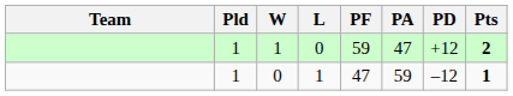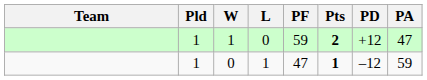 <table class=wikitable style="text-align:center">
 <tr>
 <th width=180>Team</th>
 <th width=30>Pld</th>
 <th width=30>W</th>
 <th width=30>L</th>
 <th width=30>PF</th>
+<th width=30>Pts</th>
+<th width=30>PD</th>
 <th width=30>PA</th>
-<th width=30>PD</th>
-<th width=30>Pts</th>
 </tr>
 <tr bgcolor="#ccffcc">
 <td align="left"></td>
 <td>1</td>
 <td>1</td>
 <td>0</td>
 <td>59</td>
+<td><strong>2</strong></td>
+<td>+12</td>
 <td>47</td>
-<td>+12</td>
-<td><strong>2</strong></td>
 </tr>
 <tr>
 <td align="left"></td>
 <td>1</td>
 <td>0</td>
 <td>1</td>
 <td>47</td>
+<td><strong>1</strong></td>
+<td>–12</td>
 <td>59</td>
-<td>–12</td>
-<td><strong>1</strong></td>
 </tr>
 </table>
